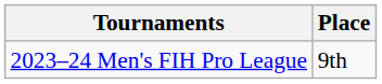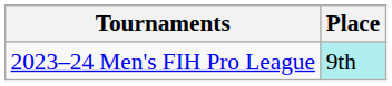 <table class="wikitable collapsible">
 <tr>
 <th>Tournaments</th>
 <th>Place</th>
 </tr>
 <tr>
 <td><a href='#'>2023–24 Men's FIH Pro League</a></td>
-<td>9th</td>
+<td style="background: paleturquoise;">9th</td>
 </tr>
 </table>
